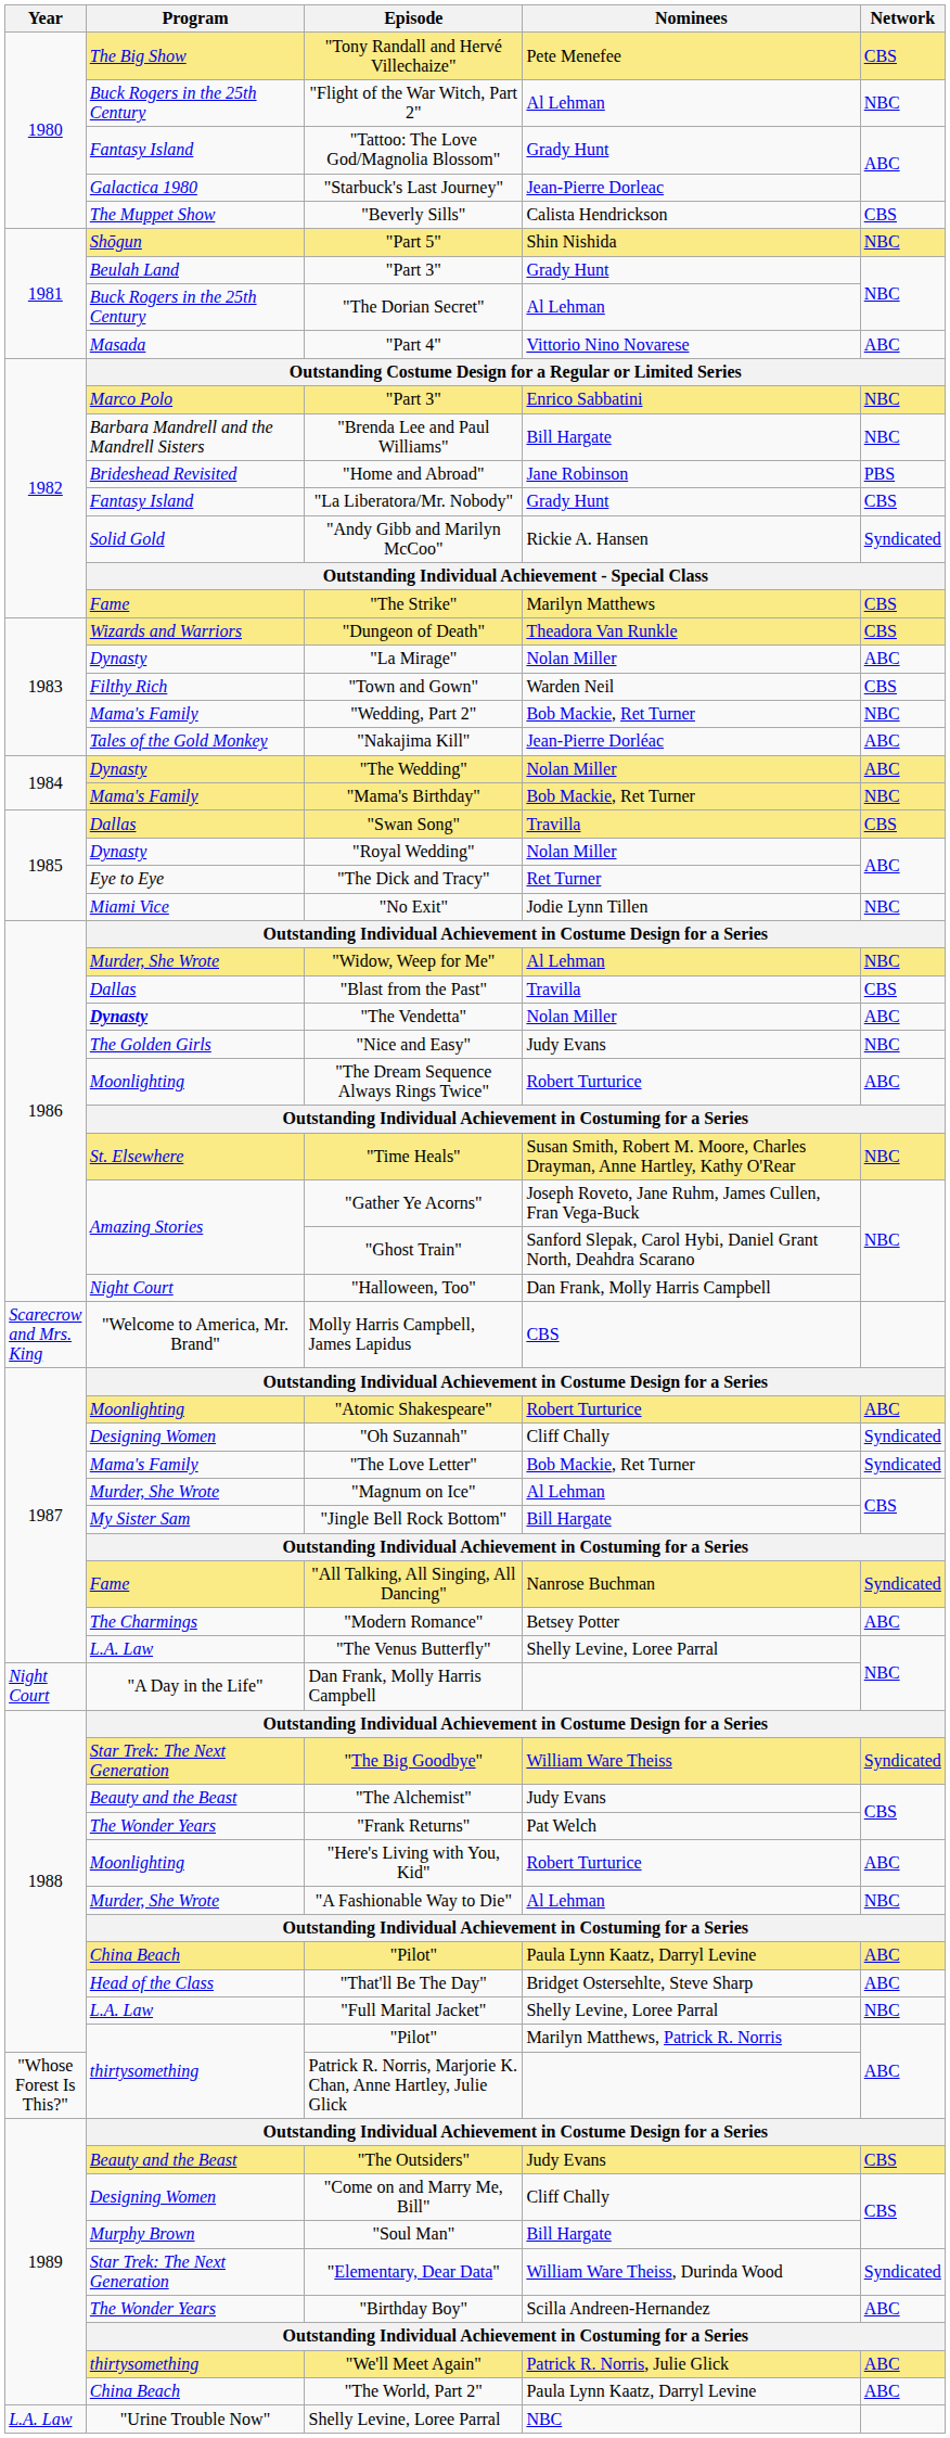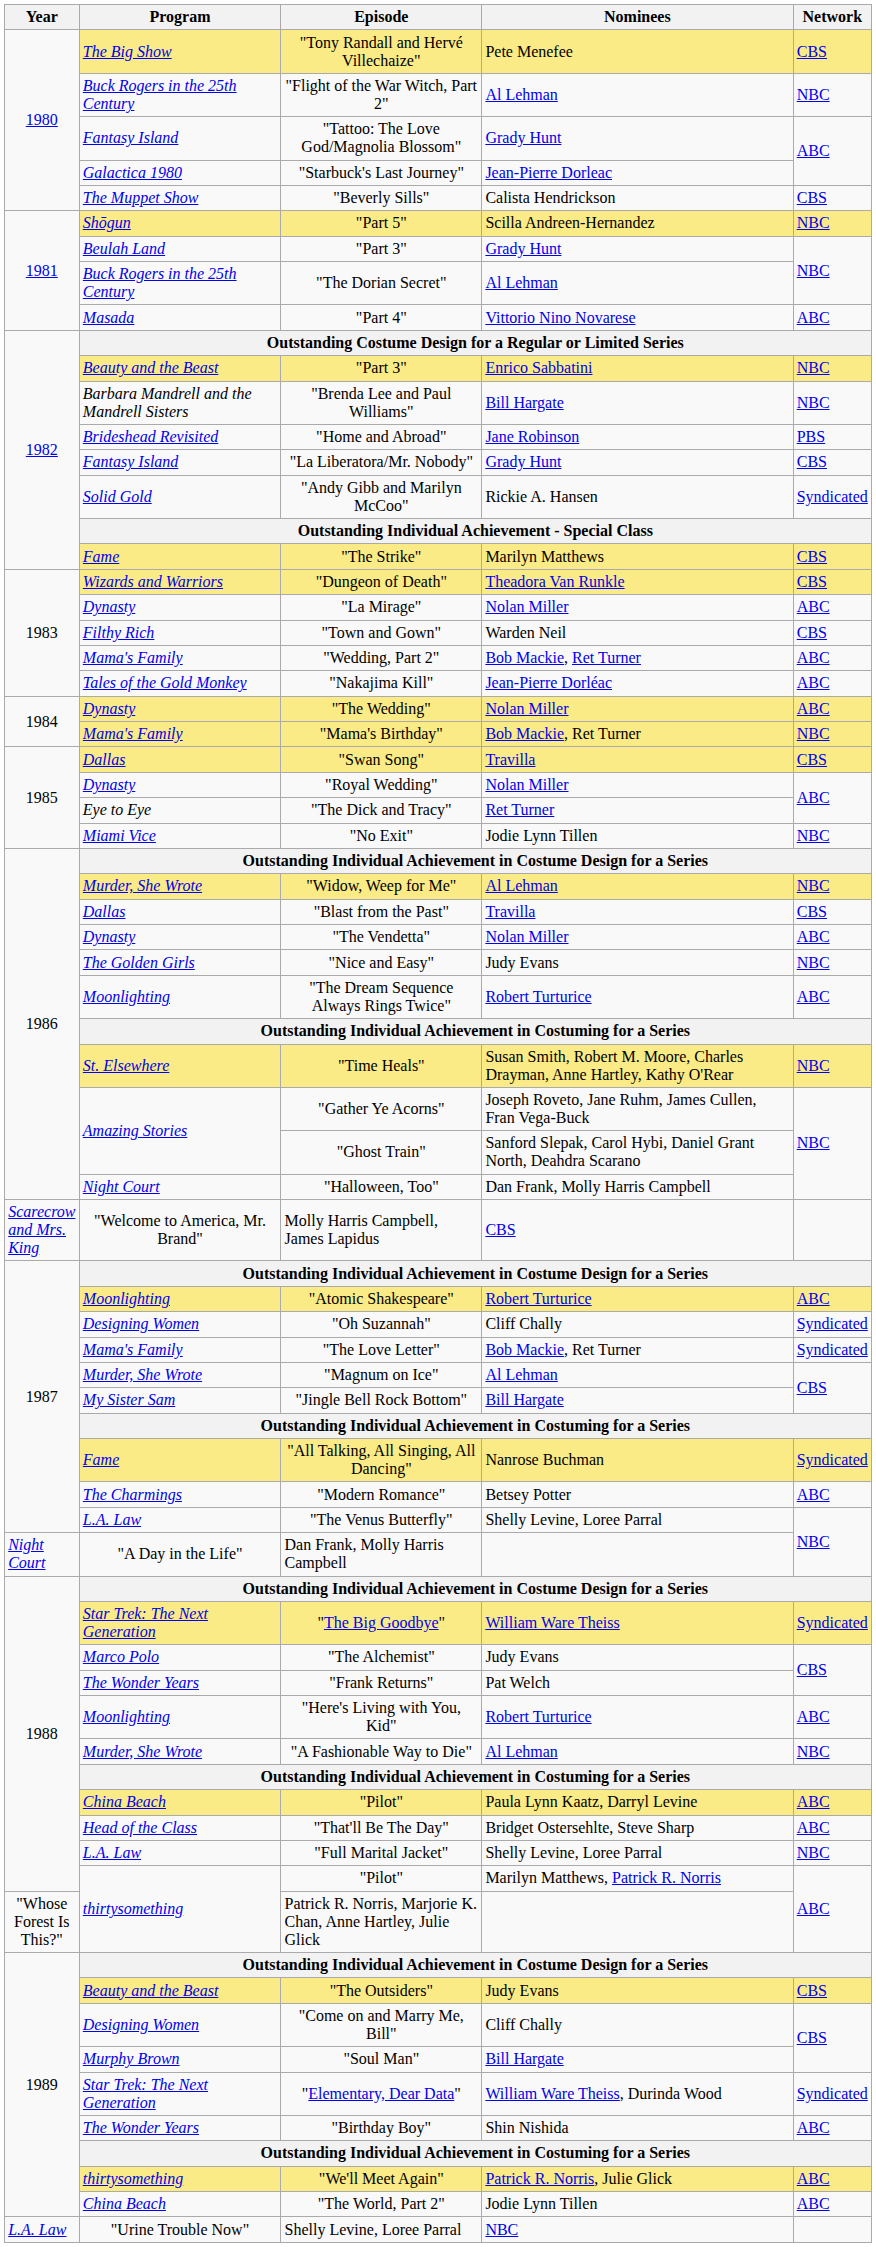 <table class="wikitable">
 <tr>
 <th width="5%">Year</th>
 <th width="25%">Program</th>
 <th width="25%">Episode</th>
 <th width="40%">Nominees</th>
 <th width="5%">Network</th>
 </tr>
 <tr>
 <td rowspan="6" style="text-align:center;"><a href='#'>1980</a><br></td>
 </tr>
 <tr style="background:#FAEB86;">
 <td><em><a href='#'>The Big Show</a></em></td>
 <td align=center>"Tony Randall and Hervé Villechaize"</td>
 <td>Pete Menefee</td>
 <td><a href='#'>CBS</a></td>
 </tr>
 <tr>
 <td><em><a href='#'>Buck Rogers in the 25th Century</a></em></td>
 <td align=center>"Flight of the War Witch, Part 2"</td>
 <td><a href='#'>Al Lehman</a></td>
 <td><a href='#'>NBC</a></td>
 </tr>
 <tr>
 <td><em><a href='#'>Fantasy Island</a></em></td>
 <td align=center>"Tattoo: The Love God/Magnolia Blossom"</td>
 <td><a href='#'>Grady Hunt</a></td>
 <td rowspan=2><a href='#'>ABC</a></td>
 </tr>
 <tr>
 <td><em><a href='#'>Galactica 1980</a></em></td>
 <td align=center>"Starbuck's Last Journey"</td>
 <td><a href='#'>Jean-Pierre Dorleac</a></td>
 </tr>
 <tr>
 <td><em><a href='#'>The Muppet Show</a></em></td>
 <td align=center>"Beverly Sills"</td>
 <td>Calista Hendrickson</td>
 <td><a href='#'>CBS</a></td>
 </tr>
 <tr>
 <td rowspan="5" style="text-align:center;"><a href='#'>1981</a><br></td>
 </tr>
 <tr style="background:#FAEB86;">
 <td><em><a href='#'>Shōgun</a></em></td>
 <td align=center>"Part 5"</td>
-<td>Shin Nishida</td>
+<td>Scilla Andreen-Hernandez</td>
 <td><a href='#'>NBC</a></td>
 </tr>
 <tr>
 <td><em><a href='#'>Beulah Land</a></em></td>
 <td align=center>"Part 3"</td>
 <td><a href='#'>Grady Hunt</a></td>
 <td rowspan=2><a href='#'>NBC</a></td>
 </tr>
 <tr>
 <td><em><a href='#'>Buck Rogers in the 25th Century</a></em></td>
 <td align=center>"The Dorian Secret"</td>
 <td><a href='#'>Al Lehman</a></td>
 </tr>
 <tr>
 <td><em><a href='#'>Masada</a></em></td>
 <td align=center>"Part 4"</td>
 <td><a href='#'>Vittorio Nino Novarese</a></td>
 <td><a href='#'>ABC</a></td>
 </tr>
 <tr>
 <td rowspan=9 style="text-align:center"><a href='#'>1982</a><br></td>
 </tr>
 <tr>
 <th colspan="4">Outstanding Costume Design for a Regular or Limited Series</th>
 </tr>
 <tr style="background:#FAEB86;">
-<td><em><a href='#'>Marco Polo</a></em></td>
+<td><em><a href='#'>Beauty and the Beast</a></em></td>
 <td align=center>"Part 3"</td>
 <td><a href='#'>Enrico Sabbatini</a></td>
 <td><a href='#'>NBC</a></td>
 </tr>
 <tr>
 <td><em>Barbara Mandrell and the Mandrell Sisters</em></td>
 <td align=center>"Brenda Lee and Paul Williams"</td>
 <td><a href='#'>Bill Hargate</a></td>
 <td><a href='#'>NBC</a></td>
 </tr>
 <tr>
 <td><em><a href='#'>Brideshead Revisited</a></em></td>
 <td align=center>"Home and Abroad"</td>
 <td><a href='#'>Jane Robinson</a></td>
 <td><a href='#'>PBS</a></td>
 </tr>
 <tr>
 <td><em><a href='#'>Fantasy Island</a></em></td>
 <td align=center>"La Liberatora/Mr. Nobody"</td>
 <td><a href='#'>Grady Hunt</a></td>
 <td><a href='#'>CBS</a></td>
 </tr>
 <tr>
 <td><em><a href='#'>Solid Gold</a></em></td>
 <td align=center>"Andy Gibb and Marilyn McCoo"</td>
 <td>Rickie A. Hansen</td>
 <td><a href='#'>Syndicated</a></td>
 </tr>
 <tr>
 <th colspan="4">Outstanding Individual Achievement - Special Class</th>
 </tr>
 <tr style="background:#FAEB86;">
 <td><em><a href='#'>Fame</a></em></td>
 <td align=center>"The Strike"</td>
 <td>Marilyn Matthews</td>
 <td><a href='#'>CBS</a></td>
 </tr>
 <tr>
 <td rowspan="5" align=center>1983</td>
 <td style="background:#FAEB86;"><em><a href='#'>Wizards and Warriors</a></em></td>
 <td style="background:#FAEB86;" align=center>"Dungeon of Death"</td>
 <td style="background:#FAEB86;"><a href='#'>Theadora Van Runkle</a></td>
 <td style="background:#FAEB86;"><a href='#'>CBS</a></td>
 </tr>
 <tr>
 <td><em><a href='#'>Dynasty</a></em></td>
 <td align=center>"La Mirage"</td>
 <td><a href='#'>Nolan Miller</a></td>
 <td><a href='#'>ABC</a></td>
 </tr>
 <tr>
 <td><em><a href='#'>Filthy Rich</a></em></td>
 <td align=center>"Town and Gown"</td>
 <td>Warden Neil</td>
 <td><a href='#'>CBS</a></td>
 </tr>
 <tr>
 <td><em><a href='#'>Mama's Family</a></em></td>
 <td align=center>"Wedding, Part 2"</td>
 <td><a href='#'>Bob Mackie</a>, <a href='#'>Ret Turner</a></td>
-<td><a href='#'>NBC</a></td>
+<td><a href='#'>ABC</a></td>
 </tr>
 <tr>
 <td><em><a href='#'>Tales of the Gold Monkey</a></em></td>
 <td align=center>"Nakajima Kill"</td>
 <td><a href='#'>Jean-Pierre Dorléac</a></td>
 <td><a href='#'>ABC</a></td>
 </tr>
 <tr>
 <td rowspan="2" align=center>1984</td>
 <td style="background:#FAEB86;"><em><a href='#'>Dynasty</a></em></td>
 <td style="background:#FAEB86;" align=center>"The Wedding"</td>
 <td style="background:#FAEB86;"><a href='#'>Nolan Miller</a></td>
 <td style="background:#FAEB86;"><a href='#'>ABC</a></td>
 </tr>
 <tr>
 <td style="background:#FAEB86;"><em><a href='#'>Mama's Family</a></em></td>
 <td style="background:#FAEB86;" align=center>"Mama's Birthday"</td>
 <td style="background:#FAEB86;"><a href='#'>Bob Mackie</a>, Ret Turner</td>
 <td style="background:#FAEB86;"><a href='#'>NBC</a></td>
 </tr>
 <tr>
 <td rowspan="4" align=center>1985</td>
 <td style="background:#FAEB86;"><em><a href='#'>Dallas</a></em></td>
 <td style="background:#FAEB86;" align=center>"Swan Song"</td>
 <td style="background:#FAEB86;"><a href='#'>Travilla</a></td>
 <td style="background:#FAEB86;"><a href='#'>CBS</a></td>
 </tr>
 <tr>
 <td><em><a href='#'>Dynasty</a></em></td>
 <td align=center>"Royal Wedding"</td>
 <td><a href='#'>Nolan Miller</a></td>
 <td rowspan=2><a href='#'>ABC</a></td>
 </tr>
 <tr>
 <td><em>Eye to Eye</em></td>
 <td align=center>"The Dick and Tracy"</td>
 <td><a href='#'>Ret Turner</a></td>
 </tr>
 <tr>
 <td><em><a href='#'>Miami Vice</a></em></td>
 <td align=center>"No Exit"</td>
 <td>Jodie Lynn Tillen</td>
 <td><a href='#'>NBC</a></td>
 </tr>
 <tr>
 <td rowspan=13 style="text-align:center">1986</td>
 </tr>
 <tr>
 <th colspan="4">Outstanding Individual Achievement in Costume Design for a Series</th>
 </tr>
 <tr>
 <td style="background:#FAEB86;"><em><a href='#'>Murder, She Wrote</a></em></td>
 <td style="background:#FAEB86;" align=center>"Widow, Weep for Me"</td>
 <td style="background:#FAEB86;"><a href='#'>Al Lehman</a></td>
 <td style="background:#FAEB86;"><a href='#'>NBC</a></td>
 </tr>
 <tr>
 <td><em><a href='#'>Dallas</a></em></td>
 <td align=center>"Blast from the Past"</td>
 <td><a href='#'>Travilla</a></td>
 <td><a href='#'>CBS</a></td>
 </tr>
 <tr>
-<td><strong><em><a href='#'>Dynasty</a></em></strong></td>
+<td><em><a href='#'>Dynasty</a></em></td>
 <td align=center>"The Vendetta"</td>
 <td><a href='#'>Nolan Miller</a></td>
 <td><a href='#'>ABC</a></td>
 </tr>
 <tr>
 <td><em><a href='#'>The Golden Girls</a></em></td>
 <td align=center>"Nice and Easy"</td>
 <td>Judy Evans</td>
 <td><a href='#'>NBC</a></td>
 </tr>
 <tr>
 <td><em><a href='#'>Moonlighting</a></em></td>
 <td align=center>"The Dream Sequence Always Rings Twice"</td>
 <td><a href='#'>Robert Turturice</a></td>
 <td><a href='#'>ABC</a></td>
 </tr>
 <tr>
 <th colspan="4">Outstanding Individual Achievement in Costuming for a Series</th>
 </tr>
 <tr>
 </tr>
 <tr style="background:#FAEB86;">
 <td><em><a href='#'>St. Elsewhere</a></em></td>
 <td align=center>"Time Heals"</td>
 <td>Susan Smith, Robert M. Moore, Charles Drayman, Anne Hartley, Kathy O'Rear</td>
 <td><a href='#'>NBC</a></td>
 </tr>
 <tr>
 <td rowspan=2><em><a href='#'>Amazing Stories</a></em></td>
 <td align=center>"Gather Ye Acorns"</td>
 <td>Joseph Roveto, Jane Ruhm, James Cullen, Fran Vega-Buck</td>
 <td rowspan=3><a href='#'>NBC</a></td>
 </tr>
 <tr>
 <td align=center>"Ghost Train"</td>
 <td>Sanford Slepak, Carol Hybi, Daniel Grant North, Deahdra Scarano</td>
 </tr>
 <tr>
 <td><em><a href='#'>Night Court</a></em></td>
 <td align=center>"Halloween, Too"</td>
 <td>Dan Frank, Molly Harris Campbell</td>
 </tr>
 <tr>
 <td><em><a href='#'>Scarecrow and Mrs. King</a></em></td>
 <td align=center>"Welcome to America, Mr. Brand"</td>
 <td>Molly Harris Campbell, James Lapidus</td>
 <td><a href='#'>CBS</a></td>
 </tr>
 <tr>
 <td rowspan=12 style="text-align:center">1987</td>
 </tr>
 <tr>
 <th colspan="4">Outstanding Individual Achievement in Costume Design for a Series</th>
 </tr>
 <tr>
 <td style="background:#FAEB86;"><em><a href='#'>Moonlighting</a></em></td>
 <td style="background:#FAEB86;" align=center>"Atomic Shakespeare"</td>
 <td style="background:#FAEB86;"><a href='#'>Robert Turturice</a></td>
 <td style="background:#FAEB86;"><a href='#'>ABC</a></td>
 </tr>
 <tr>
 <td><em><a href='#'>Designing Women</a></em></td>
 <td align=center>"Oh Suzannah"</td>
 <td>Cliff Chally</td>
 <td><a href='#'>Syndicated</a></td>
 </tr>
 <tr>
 <td><em><a href='#'>Mama's Family</a></em></td>
 <td align=center>"The Love Letter"</td>
 <td><a href='#'>Bob Mackie</a>, Ret Turner</td>
 <td><a href='#'>Syndicated</a></td>
 </tr>
 <tr>
 <td><em><a href='#'>Murder, She Wrote</a></em></td>
 <td align=center>"Magnum on Ice"</td>
 <td><a href='#'>Al Lehman</a></td>
 <td rowspan=2><a href='#'>CBS</a></td>
 </tr>
 <tr>
 <td><em><a href='#'>My Sister Sam</a></em></td>
 <td align=center>"Jingle Bell Rock Bottom"</td>
 <td><a href='#'>Bill Hargate</a></td>
 </tr>
 <tr>
 <th colspan="4">Outstanding Individual Achievement in Costuming for a Series</th>
 </tr>
 <tr>
 </tr>
 <tr style="background:#FAEB86;">
 <td><em><a href='#'>Fame</a></em></td>
 <td align=center>"All Talking, All Singing, All Dancing"</td>
 <td>Nanrose Buchman</td>
 <td><a href='#'>Syndicated</a></td>
 </tr>
 <tr>
 <td><em><a href='#'>The Charmings</a></em></td>
 <td align=center>"Modern Romance"</td>
 <td>Betsey Potter</td>
 <td><a href='#'>ABC</a></td>
 </tr>
 <tr>
 <td><em><a href='#'>L.A. Law</a></em></td>
 <td align=center>"The Venus Butterfly"</td>
 <td>Shelly Levine, Loree Parral</td>
 <td rowspan=2><a href='#'>NBC</a></td>
 </tr>
 <tr>
 <td><em><a href='#'>Night Court</a></em></td>
 <td align=center>"A Day in the Life"</td>
 <td>Dan Frank, Molly Harris Campbell</td>
 </tr>
 <tr>
 <td rowspan=13 style="text-align:center">1988</td>
 </tr>
 <tr>
 <th colspan="4">Outstanding Individual Achievement in Costume Design for a Series</th>
 </tr>
 <tr>
 <td style="background:#FAEB86;"><em><a href='#'>Star Trek: The Next Generation</a></em></td>
 <td style="background:#FAEB86;" align=center>"<a href='#'>The Big Goodbye</a>"</td>
 <td style="background:#FAEB86;"><a href='#'>William Ware Theiss</a></td>
 <td style="background:#FAEB86;"><a href='#'>Syndicated</a></td>
 </tr>
 <tr>
-<td><em><a href='#'>Beauty and the Beast</a></em></td>
+<td><em><a href='#'>Marco Polo</a></em></td>
 <td align=center>"The Alchemist"</td>
 <td>Judy Evans</td>
 <td rowspan=2><a href='#'>CBS</a></td>
 </tr>
 <tr>
 <td><em><a href='#'>The Wonder Years</a></em></td>
 <td align=center>"Frank Returns"</td>
 <td>Pat Welch</td>
 </tr>
 <tr>
 <td><em><a href='#'>Moonlighting</a></em></td>
 <td align=center>"Here's Living with You, Kid"</td>
 <td><a href='#'>Robert Turturice</a></td>
 <td><a href='#'>ABC</a></td>
 </tr>
 <tr>
 <td><em><a href='#'>Murder, She Wrote</a></em></td>
 <td align=center>"A Fashionable Way to Die"</td>
 <td><a href='#'>Al Lehman</a></td>
 <td><a href='#'>NBC</a></td>
 </tr>
 <tr>
 <th colspan="4">Outstanding Individual Achievement in Costuming for a Series</th>
 </tr>
 <tr>
 </tr>
 <tr style="background:#FAEB86;">
 <td><em><a href='#'>China Beach</a></em></td>
 <td align=center>"Pilot"</td>
 <td>Paula Lynn Kaatz, Darryl Levine</td>
 <td><a href='#'>ABC</a></td>
 </tr>
 <tr>
 <td><em><a href='#'>Head of the Class</a></em></td>
 <td align=center>"That'll Be The Day"</td>
 <td>Bridget Ostersehlte, Steve Sharp</td>
 <td><a href='#'>ABC</a></td>
 </tr>
 <tr>
 <td><em><a href='#'>L.A. Law</a></em></td>
 <td align=center>"Full Marital Jacket"</td>
 <td>Shelly Levine, Loree Parral</td>
 <td><a href='#'>NBC</a></td>
 </tr>
 <tr>
 <td rowspan=2><em><a href='#'>thirtysomething</a></em></td>
 <td align=center>"Pilot"</td>
 <td>Marilyn Matthews, <a href='#'>Patrick R. Norris</a></td>
 <td rowspan=2><a href='#'>ABC</a></td>
 </tr>
 <tr>
 <td align=center>"Whose Forest Is This?"</td>
 <td>Patrick R. Norris, Marjorie K. Chan, Anne Hartley, Julie Glick</td>
 </tr>
 <tr>
 <td rowspan=11 style="text-align:center">1989</td>
 </tr>
 <tr>
 <th colspan="4">Outstanding Individual Achievement in Costume Design for a Series</th>
 </tr>
 <tr>
 <td style="background:#FAEB86;"><em><a href='#'>Beauty and the Beast</a></em></td>
 <td style="background:#FAEB86;" align=center>"The Outsiders"</td>
 <td style="background:#FAEB86;">Judy Evans</td>
 <td style="background:#FAEB86;"><a href='#'>CBS</a></td>
 </tr>
 <tr>
 <td><em><a href='#'>Designing Women</a></em></td>
 <td align=center>"Come on and Marry Me, Bill"</td>
 <td>Cliff Chally</td>
 <td rowspan=2><a href='#'>CBS</a></td>
 </tr>
 <tr>
 <td><em><a href='#'>Murphy Brown</a></em></td>
 <td align=center>"Soul Man"</td>
 <td><a href='#'>Bill Hargate</a></td>
 </tr>
 <tr>
 <td><em><a href='#'>Star Trek: The Next Generation</a></em></td>
 <td align=center>"<a href='#'>Elementary, Dear Data</a>"</td>
 <td><a href='#'>William Ware Theiss</a>, Durinda Wood</td>
 <td><a href='#'>Syndicated</a></td>
 </tr>
 <tr>
 <td><em><a href='#'>The Wonder Years</a></em></td>
 <td align=center>"Birthday Boy"</td>
-<td>Scilla Andreen-Hernandez</td>
+<td>Shin Nishida</td>
 <td><a href='#'>ABC</a></td>
 </tr>
 <tr>
 <th colspan="4">Outstanding Individual Achievement in Costuming for a Series</th>
 </tr>
 <tr>
 </tr>
 <tr style="background:#FAEB86;">
 <td><em><a href='#'>thirtysomething</a></em></td>
 <td align=center>"We'll Meet Again"</td>
 <td><a href='#'>Patrick R. Norris</a>, Julie Glick</td>
 <td><a href='#'>ABC</a></td>
 </tr>
 <tr>
 <td><em><a href='#'>China Beach</a></em></td>
 <td align=center>"The World, Part 2"</td>
-<td>Paula Lynn Kaatz, Darryl Levine</td>
+<td>Jodie Lynn Tillen</td>
 <td><a href='#'>ABC</a></td>
 </tr>
 <tr>
 <td><em><a href='#'>L.A. Law</a></em></td>
 <td align=center>"Urine Trouble Now"</td>
 <td>Shelly Levine, Loree Parral</td>
 <td><a href='#'>NBC</a></td>
 </tr>
 <tr>
 </tr>
 </table>
